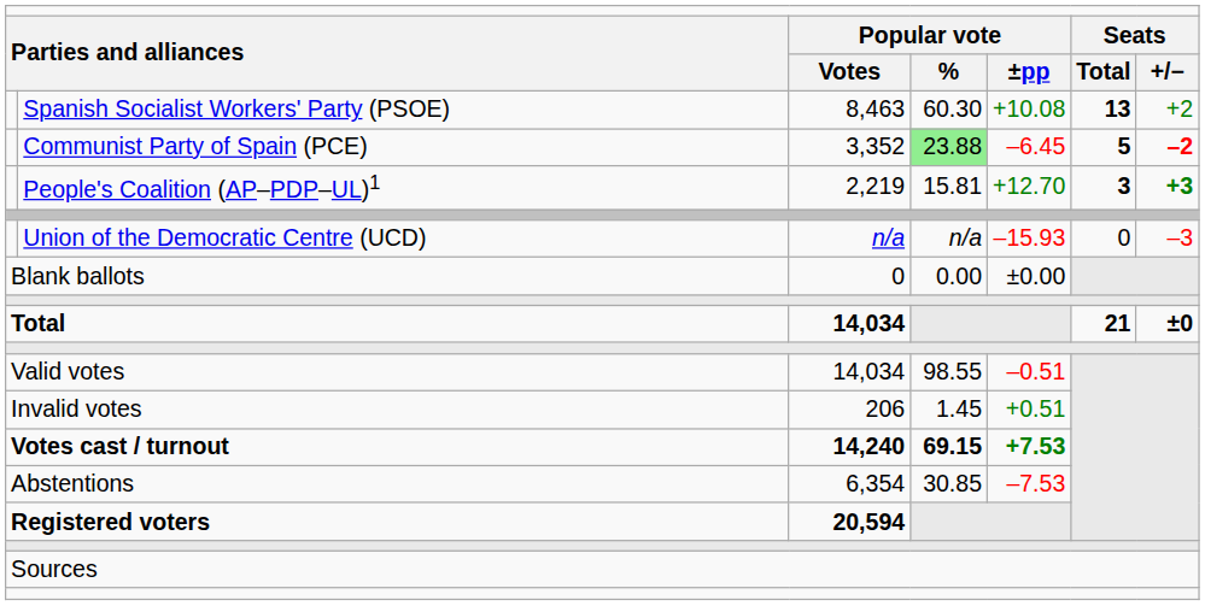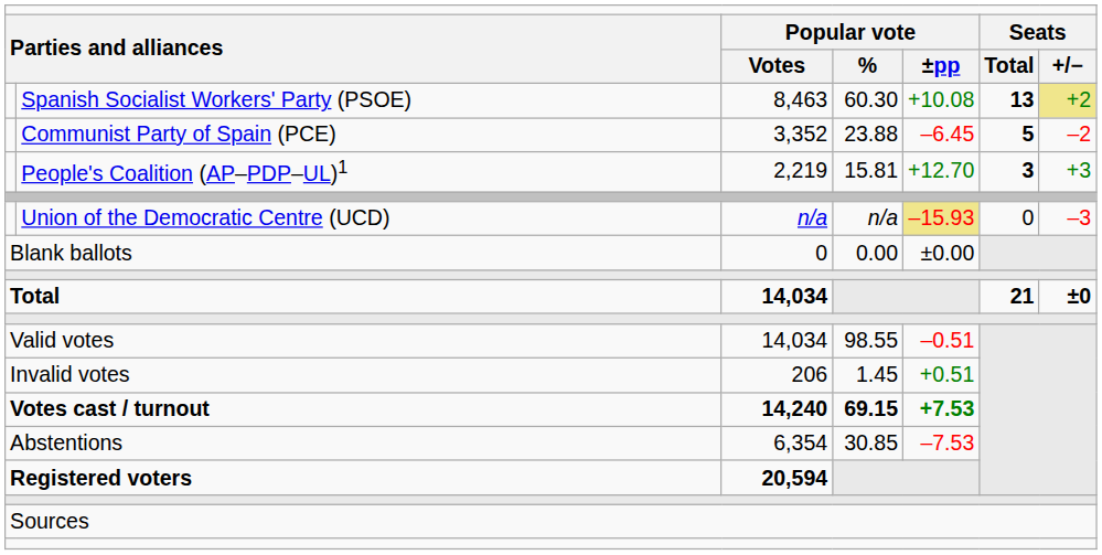 <table class="wikitable" style="text-align:right;">
 <tr>
 <td colspan="7"></td>
 </tr>
 <tr>
 <th style="text-align:left;" rowspan="2" colspan="2" width="525">Parties and alliances</th>
 <th colspan="3">Popular vote</th>
 <th colspan="2">Seats</th>
 </tr>
 <tr>
 <th width="75">Votes</th>
 <th width="45">%</th>
 <th width="45">±<a href='#'>pp</a></th>
 <th width="35">Total</th>
 <th width="35">+/−</th>
 </tr>
 <tr>
 <td width="1" style="color:inherit;background:"></td>
 <td align="left"><a href='#'>Spanish Socialist Workers' Party</a> (PSOE)</td>
 <td>8,463</td>
 <td>60.30</td>
 <td style="color:green;">+10.08</td>
 <td><strong>13</strong></td>
-<td style="color:green;">+2</td>
+<td style="background: khaki; color:green;">+2</td>
 </tr>
 <tr>
 <td style="color:inherit;background:"></td>
 <td align="left"><a href='#'>Communist Party of Spain</a> (PCE)</td>
 <td>3,352</td>
-<td style="background: lightgreen;">23.88</td>
+<td>23.88</td>
 <td style="color:red;">–6.45</td>
 <td><strong>5</strong></td>
-<td style="color:red;"><strong>–2</strong></td>
+<td style="color:red;">–2</td>
 </tr>
 <tr>
 <td style="color:inherit;background:"></td>
 <td align="left"><a href='#'>People's Coalition</a> (<a href='#'>AP</a>–<a href='#'>PDP</a>–<a href='#'>UL</a>)<sup>1</sup></td>
 <td>2,219</td>
 <td>15.81</td>
 <td style="color:green;">+12.70</td>
 <td><strong>3</strong></td>
-<td style="color:green;"><strong>+3</strong></td>
+<td style="color:green;">+3</td>
 </tr>
 <tr>
 <td colspan="7" bgcolor="#C0C0C0"></td>
 </tr>
 <tr>
 <td style="color:inherit;background:"></td>
 <td align="left"><a href='#'>Union of the Democratic Centre</a> (UCD)</td>
 <td><em><a href='#'>n/a</a></em></td>
 <td><em>n/a</em></td>
-<td style="color:red;">–15.93</td>
+<td style="background: khaki; color:red;">–15.93</td>
 <td>0</td>
 <td style="color:red;">–3</td>
 </tr>
 <tr>
 <td align="left" colspan="2">Blank ballots</td>
 <td>0</td>
 <td>0.00</td>
 <td>±0.00</td>
 <td bgcolor="#E9E9E9" colspan="2"></td>
 </tr>
 <tr>
 <td colspan="7" bgcolor="#E9E9E9"></td>
 </tr>
 <tr style="font-weight:bold;">
 <td align="left" colspan="2">Total</td>
 <td>14,034</td>
 <td bgcolor="#E9E9E9" colspan="2"></td>
 <td>21</td>
 <td>±0</td>
 </tr>
 <tr>
 <td colspan="7" bgcolor="#E9E9E9"></td>
 </tr>
 <tr>
 <td align="left" colspan="2">Valid votes</td>
 <td>14,034</td>
 <td>98.55</td>
 <td style="color:red;">–0.51</td>
 <td bgcolor="#E9E9E9" colspan="2" rowspan="5"></td>
 </tr>
 <tr>
 <td align="left" colspan="2">Invalid votes</td>
 <td>206</td>
 <td>1.45</td>
 <td style="color:green;">+0.51</td>
 </tr>
 <tr style="font-weight:bold;">
 <td align="left" colspan="2">Votes cast / turnout</td>
 <td>14,240</td>
 <td>69.15</td>
 <td style="color:green;">+7.53</td>
 </tr>
 <tr>
 <td align="left" colspan="2">Abstentions</td>
 <td>6,354</td>
 <td>30.85</td>
 <td style="color:red;">–7.53</td>
 </tr>
 <tr style="font-weight:bold;">
 <td align="left" colspan="2">Registered voters</td>
 <td>20,594</td>
 <td bgcolor="#E9E9E9" colspan="2"></td>
 </tr>
 <tr>
 <td colspan="7" bgcolor="#E9E9E9"></td>
 </tr>
 <tr>
 <td align="left" colspan="7">Sources</td>
 </tr>
 <tr>
 <td colspan="7" style="text-align:left; max-width:790px;"></td>
 </tr>
 </table>
